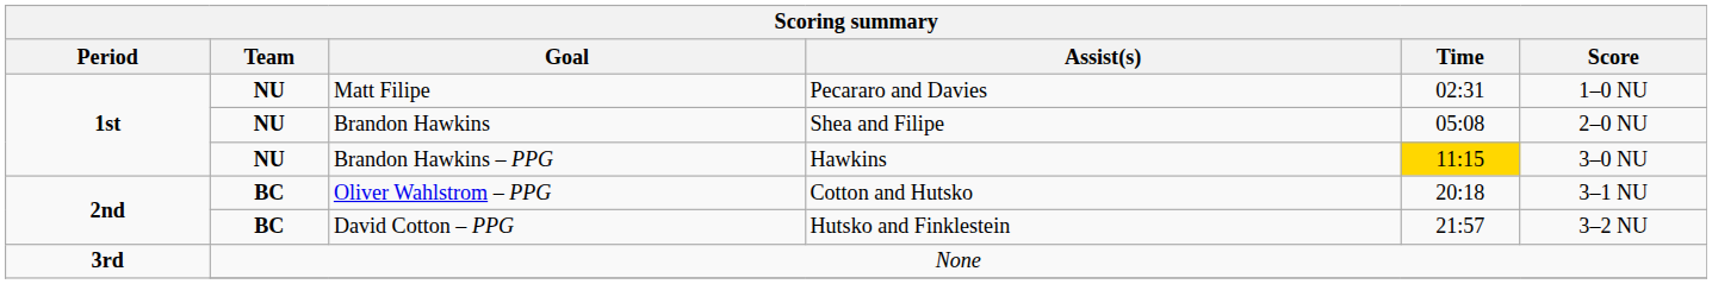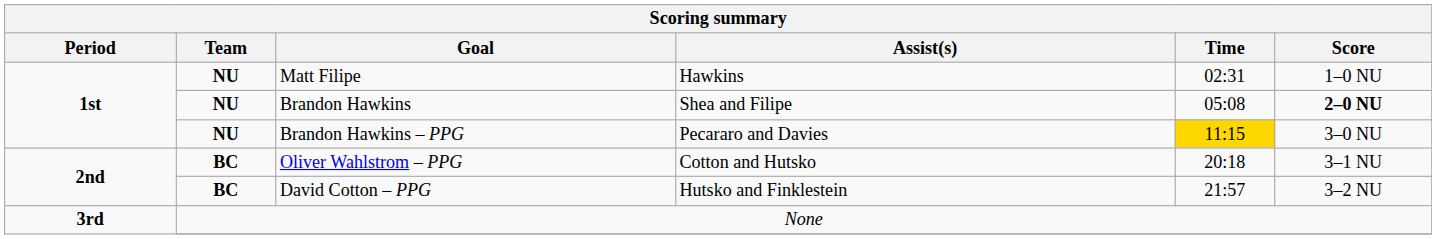 <table style="width:100%;" class="wikitable">
 <tr>
 <th colspan=6>Scoring summary</th>
 </tr>
 <tr>
 <th style="width:12%;">Period</th>
 <th style="width:7%;">Team</th>
 <th style="width:28%;">Goal</th>
 <th style="width:35%;">Assist(s)</th>
 <th style="width:7%;">Time</th>
 <th style="width:11%;">Score</th>
 </tr>
 <tr>
 <td style="text-align:center;" rowspan="3"><strong>1st</strong></td>
 <td align=center><strong>NU</strong></td>
 <td>Matt Filipe</td>
-<td>Pecararo and Davies</td>
+<td>Hawkins</td>
 <td align=center>02:31</td>
 <td align=center>1–0 NU</td>
 </tr>
 <tr>
 <td align=center><strong>NU</strong></td>
 <td>Brandon Hawkins</td>
 <td>Shea and Filipe</td>
 <td align=center>05:08</td>
-<td align=center>2–0 NU</td>
+<td align=center><strong>2–0 NU</strong></td>
 </tr>
 <tr>
 <td align=center><strong>NU</strong></td>
 <td>Brandon Hawkins – <em>PPG</em></td>
-<td>Hawkins</td>
+<td>Pecararo and Davies</td>
 <td align=center style="background: gold;">11:15</td>
 <td align=center>3–0 NU</td>
 </tr>
 <tr>
 <td style="text-align:center;" rowspan="2"><strong>2nd</strong></td>
 <td align=center><strong>BC</strong></td>
 <td><a href='#'>Oliver Wahlstrom</a> – <em>PPG</em></td>
 <td>Cotton and Hutsko</td>
 <td align=center>20:18</td>
 <td align=center>3–1 NU</td>
 </tr>
 <tr>
 <td align=center><strong>BC</strong></td>
 <td>David Cotton – <em>PPG</em></td>
 <td>Hutsko and Finklestein</td>
 <td align=center>21:57</td>
 <td align=center>3–2 NU</td>
 </tr>
 <tr>
 <td style="text-align:center;" rowspan="2"><strong>3rd</strong></td>
 <td style="text-align:center;" colspan="5"><em>None</em></td>
 </tr>
 <tr>
 </tr>
 </table>
